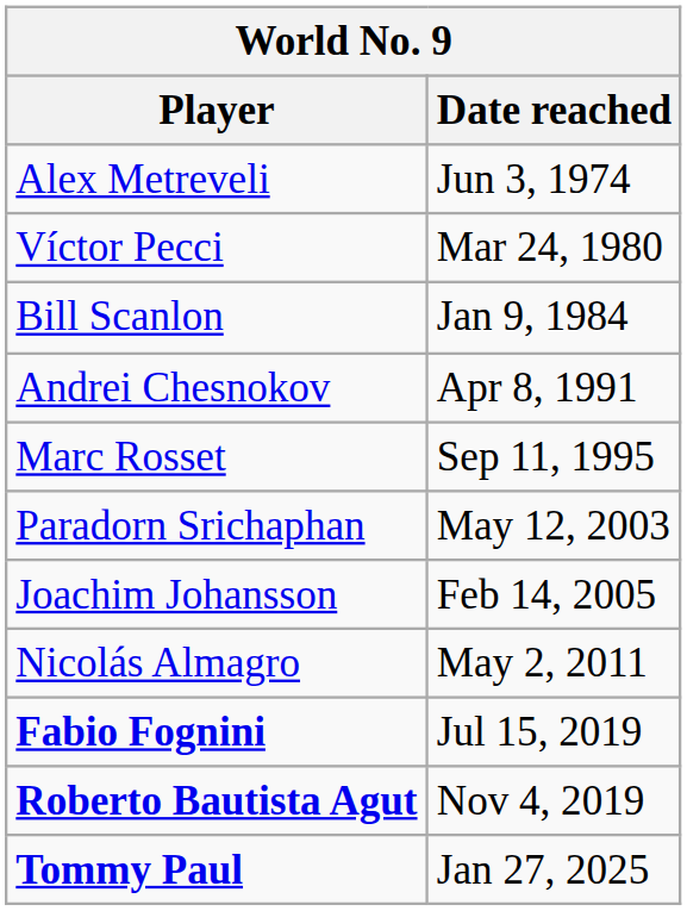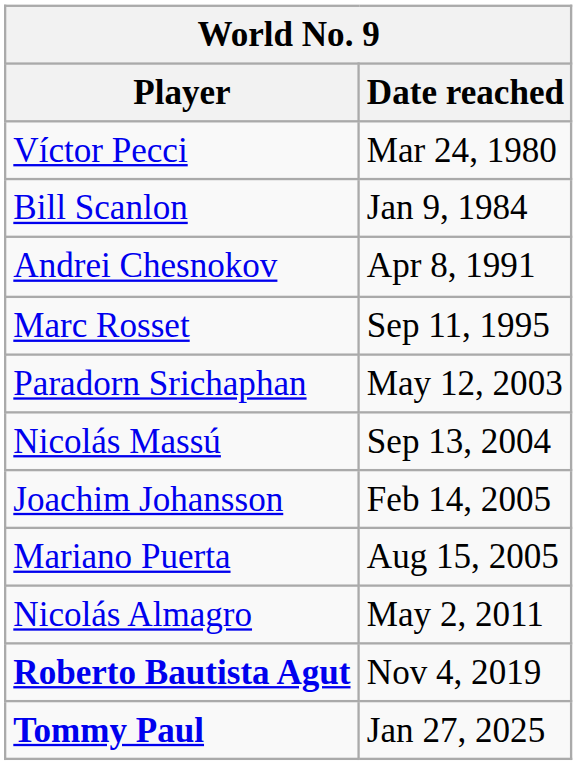 <table class="wikitable nowrap" style="display:inline-table; font-size:95%">
 <tr>
 <th colspan="2">World No. 9</th>
 </tr>
 <tr>
 <th>Player</th>
 <th>Date reached</th>
-</tr>
-<tr>
-<td> <a href='#'>Alex Metreveli</a></td>
-<td>Jun 3, 1974</td>
 </tr>
 <tr>
 <td> <a href='#'>Víctor Pecci</a></td>
 <td>Mar 24, 1980</td>
 </tr>
 <tr>
 <td> <a href='#'>Bill Scanlon</a></td>
 <td>Jan 9, 1984</td>
 </tr>
 <tr>
 <td> <a href='#'>Andrei Chesnokov</a></td>
 <td>Apr 8, 1991</td>
 </tr>
 <tr>
 <td> <a href='#'>Marc Rosset</a></td>
 <td>Sep 11, 1995</td>
 </tr>
 <tr>
 <td> <a href='#'>Paradorn Srichaphan</a></td>
 <td>May 12, 2003</td>
 </tr>
 <tr>
+<td> <a href='#'>Nicolás Massú</a></td>
+<td>Sep 13, 2004</td>
+</tr>
+<tr>
 <td> <a href='#'>Joachim Johansson</a></td>
 <td>Feb 14, 2005</td>
 </tr>
 <tr>
+<td> <a href='#'>Mariano Puerta</a></td>
+<td>Aug 15, 2005</td>
+</tr>
+<tr>
 <td> <a href='#'>Nicolás Almagro</a></td>
 <td>May 2, 2011</td>
-</tr>
-<tr>
-<td> <strong><a href='#'>Fabio Fognini</a></strong></td>
-<td>Jul 15, 2019</td>
 </tr>
 <tr>
 <td> <strong><a href='#'>Roberto Bautista Agut</a></strong></td>
 <td>Nov 4, 2019</td>
 </tr>
 <tr>
 <td> <strong><a href='#'>Tommy Paul</a></strong></td>
 <td>Jan 27, 2025</td>
 </tr>
 </table>
